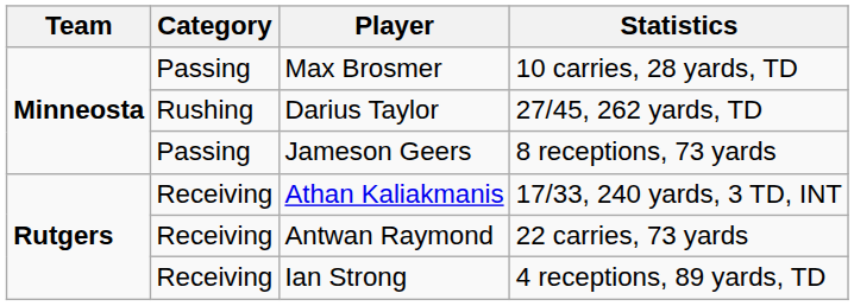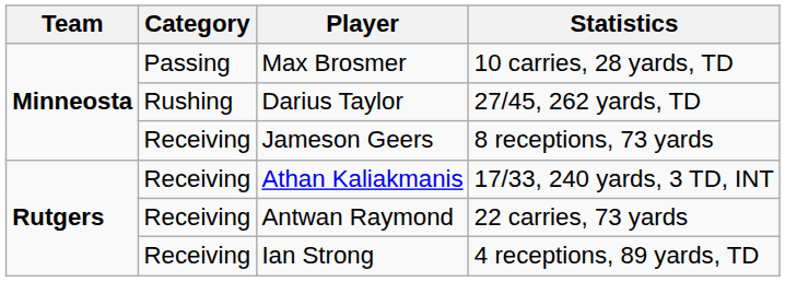 <table class="wikitable" style="float: right;">
 <tr>
 <th>Team</th>
 <th>Category</th>
 <th>Player</th>
 <th>Statistics</th>
 </tr>
 <tr>
 <td rowspan=3><strong>Minneosta</strong></td>
 <td>Passing</td>
 <td>Max Brosmer</td>
 <td>10 carries, 28 yards, TD</td>
 </tr>
 <tr>
 <td>Rushing</td>
 <td>Darius Taylor</td>
 <td>27/45, 262 yards, TD</td>
 </tr>
 <tr>
-<td>Passing</td>
+<td>Receiving</td>
 <td>Jameson Geers</td>
 <td>8 receptions, 73 yards</td>
 </tr>
 <tr>
 <td rowspan=3><strong>Rutgers</strong></td>
 <td>Receiving</td>
 <td><a href='#'>Athan Kaliakmanis</a></td>
 <td>17/33, 240 yards, 3 TD, INT</td>
 </tr>
 <tr>
 <td>Receiving</td>
 <td>Antwan Raymond</td>
 <td>22 carries, 73 yards</td>
 </tr>
 <tr>
 <td>Receiving</td>
 <td>Ian Strong</td>
 <td>4 receptions, 89 yards, TD</td>
 </tr>
 </table>
